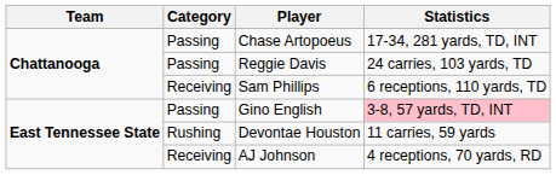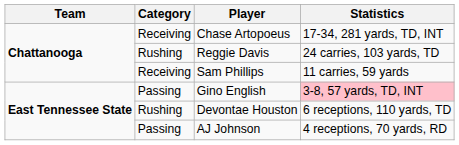 <table class="wikitable" style="float: right;">
 <tr>
 <th>Team</th>
 <th>Category</th>
 <th>Player</th>
 <th>Statistics</th>
 </tr>
 <tr>
 <td rowspan=3><strong>Chattanooga</strong></td>
-<td>Passing</td>
+<td>Receiving</td>
 <td>Chase Artopoeus</td>
 <td>17-34, 281 yards, TD, INT</td>
 </tr>
 <tr>
-<td>Passing</td>
+<td>Rushing</td>
 <td>Reggie Davis</td>
 <td>24 carries, 103 yards, TD</td>
 </tr>
 <tr>
 <td>Receiving</td>
 <td>Sam Phillips</td>
-<td>6 receptions, 110 yards, TD</td>
+<td>11 carries, 59 yards</td>
 </tr>
 <tr>
 <td rowspan=3><strong>East Tennessee State</strong></td>
 <td>Passing</td>
 <td>Gino English</td>
 <td style="background: pink;">3-8, 57 yards, TD, INT</td>
 </tr>
 <tr>
 <td>Rushing</td>
 <td>Devontae Houston</td>
-<td>11 carries, 59 yards</td>
+<td>6 receptions, 110 yards, TD</td>
 </tr>
 <tr>
-<td>Receiving</td>
+<td>Passing</td>
 <td>AJ Johnson</td>
 <td>4 receptions, 70 yards, RD</td>
 </tr>
 </table>
